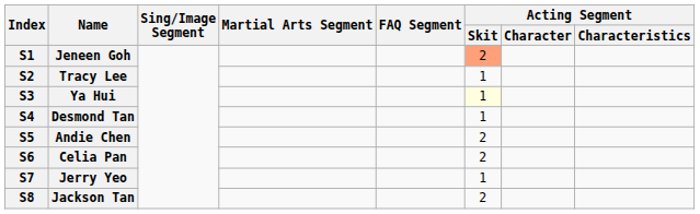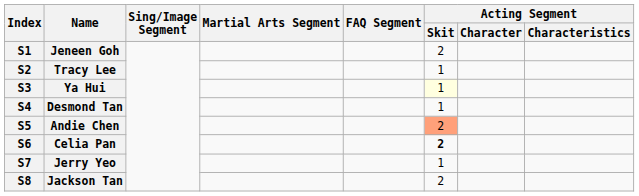 <table class="wikitable" style="text-align:center;">
 <tr>
 <th rowspan="2">Index</th>
 <th rowspan="2">Name</th>
 <th rowspan="2">Sing/Image<br>Segment</th>
 <th rowspan="2">Martial Arts Segment</th>
 <th rowspan="2">FAQ Segment</th>
 <th colspan=4>Acting Segment</th>
 </tr>
 <tr>
 <th>Skit</th>
 <th>Character</th>
 <th>Characteristics</th>
 </tr>
 <tr>
 <th>S1</th>
 <th>Jeneen Goh</th>
 <td rowspan="8"><br></td>
 <td></td>
 <td></td>
-<td style="background: lightsalmon;">2</td>
+<td>2</td>
 <td></td>
 <td></td>
 </tr>
 <tr>
 <th>S2</th>
 <th>Tracy Lee</th>
 <td></td>
 <td></td>
 <td>1</td>
 <td></td>
 <td></td>
 </tr>
 <tr>
 <th>S3</th>
 <th>Ya Hui</th>
 <td></td>
 <td></td>
 <td style="background: lightyellow;">1</td>
 <td></td>
 <td></td>
 </tr>
 <tr>
 <th>S4</th>
 <th>Desmond Tan</th>
 <td></td>
 <td></td>
 <td>1</td>
 <td></td>
 <td></td>
 </tr>
 <tr>
 <th>S5</th>
 <th>Andie Chen</th>
 <td></td>
 <td></td>
-<td>2</td>
+<td style="background: lightsalmon;">2</td>
 <td></td>
 <td></td>
 </tr>
 <tr>
 <th>S6</th>
 <th>Celia Pan</th>
 <td></td>
 <td></td>
-<td>2</td>
+<td><strong>2</strong></td>
 <td></td>
 <td></td>
 </tr>
 <tr>
 <th>S7</th>
 <th>Jerry Yeo</th>
 <td></td>
 <td></td>
 <td>1</td>
 <td></td>
 <td></td>
 </tr>
 <tr>
 <th>S8</th>
 <th>Jackson Tan</th>
 <td></td>
 <td></td>
 <td>2</td>
 <td></td>
 <td></td>
 </tr>
 </table>
